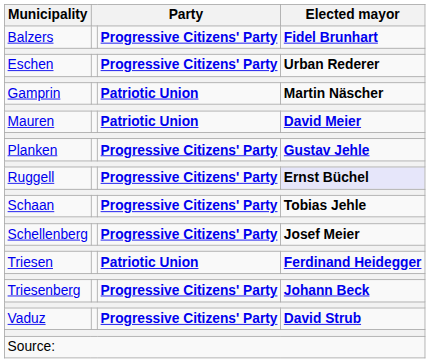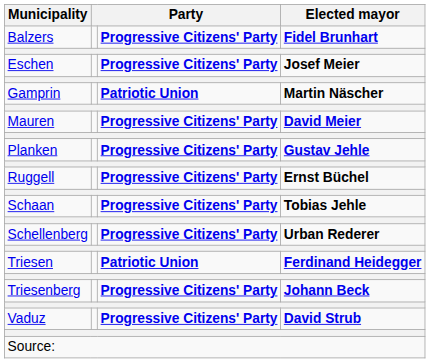 <table class="wikitable" style="text-align:right">
 <tr>
 <th>Municipality</th>
 <th colspan="2">Party</th>
 <th>Elected mayor</th>
 </tr>
 <tr>
 <td align="left"><a href='#'>Balzers</a></td>
 <td style="color:inherit;background:"></td>
 <td align="left"><strong><a href='#'>Progressive Citizens' Party</a></strong></td>
 <td align="left"><strong><a href='#'>Fidel Brunhart</a></strong></td>
 </tr>
 <tr>
 <th colspan="4"></th>
 </tr>
 <tr>
 <td align="left"><a href='#'>Eschen</a></td>
 <td style="color:inherit;background:"></td>
 <td align="left"><strong><a href='#'>Progressive Citizens' Party</a></strong></td>
-<td align="left"><strong>Urban Rederer</strong></td>
+<td align="left"><strong>Josef Meier</strong></td>
 </tr>
 <tr>
 <th colspan="4"></th>
 </tr>
 <tr>
 <td align="left"><a href='#'>Gamprin</a></td>
 <td style="color:inherit;background:"></td>
 <td align="left"><a href='#'><strong>Patriotic Union</strong></a></td>
 <td align="left"><strong>Martin Näscher</strong></td>
 </tr>
 <tr>
 <th colspan="4"></th>
 </tr>
 <tr>
 <td align="left"><a href='#'>Mauren</a></td>
 <td style="color:inherit;background:"></td>
-<td align="left"><a href='#'><strong>Patriotic Union</strong></a></td>
+<td align="left"><strong><a href='#'>Progressive Citizens' Party</a></strong></td>
 <td align="left"><strong><a href='#'>David Meier</a></strong></td>
 </tr>
 <tr>
 <th colspan="4"></th>
 </tr>
 <tr>
 <td align="left"><a href='#'>Planken</a></td>
 <td style="color:inherit;background:"></td>
 <td align="left"><strong><a href='#'>Progressive Citizens' Party</a></strong></td>
 <td align="left"><strong><a href='#'>Gustav Jehle</a></strong></td>
 </tr>
 <tr>
 <th colspan="4"></th>
 </tr>
 <tr>
 <td align="left"><a href='#'>Ruggell</a></td>
 <td style="color:inherit;background:"></td>
 <td align="left"><strong><a href='#'>Progressive Citizens' Party</a></strong></td>
-<td align="left" style="background: lavender;"><strong>Ernst Büchel</strong></td>
+<td align="left"><strong>Ernst Büchel</strong></td>
 </tr>
 <tr>
 <th colspan="4"></th>
 </tr>
 <tr>
 <td align="left"><a href='#'>Schaan</a></td>
 <td style="color:inherit;background:"></td>
 <td align="left"><strong><a href='#'>Progressive Citizens' Party</a></strong></td>
 <td align="left"><strong>Tobias Jehle</strong></td>
 </tr>
 <tr>
 <th colspan="4"></th>
 </tr>
 <tr>
 <td align="left"><a href='#'>Schellenberg</a></td>
 <td style="color:inherit;background:"></td>
 <td align="left"><strong><a href='#'>Progressive Citizens' Party</a></strong></td>
-<td align="left"><strong>Josef Meier</strong></td>
+<td align="left"><strong>Urban Rederer</strong></td>
 </tr>
 <tr>
 <th colspan="4"></th>
 </tr>
 <tr>
 <td align="left"><a href='#'>Triesen</a></td>
 <td style="color:inherit;background:"></td>
 <td align="left"><a href='#'><strong>Patriotic Union</strong></a></td>
 <td align="left"><strong><a href='#'>Ferdinand Heidegger</a></strong></td>
 </tr>
 <tr>
 <th colspan="4"></th>
 </tr>
 <tr>
 <td align="left"><a href='#'>Triesenberg</a></td>
 <td style="color:inherit;background:"></td>
 <td align="left"><strong><a href='#'>Progressive Citizens' Party</a></strong></td>
 <td align="left"><strong><a href='#'>Johann Beck</a></strong></td>
 </tr>
 <tr>
 <th colspan="4"></th>
 </tr>
 <tr>
 <td align="left"><a href='#'>Vaduz</a></td>
 <td style="color:inherit;background:"></td>
 <td align="left"><strong><a href='#'>Progressive Citizens' Party</a></strong></td>
 <td align="left"><strong><a href='#'>David Strub</a></strong></td>
 </tr>
 <tr>
 <th colspan="4"></th>
 </tr>
 <tr>
 <td colspan="4" align="left">Source: </td>
 </tr>
 </table>
